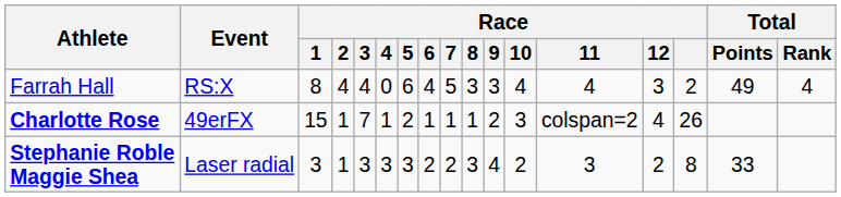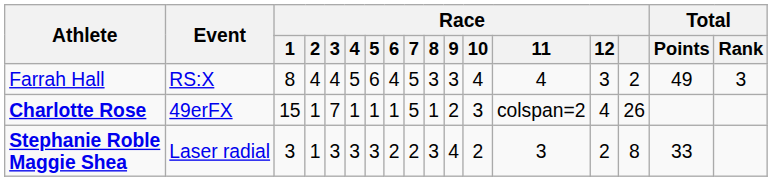 <table class=wikitable style=font-size:90%;text-align:center>
 <tr>
 <th rowspan=2>Athlete</th>
 <th rowspan=2>Event</th>
 <th colspan=13>Race</th>
 <th colspan=2>Total</th>
 </tr>
 <tr style=font-size:95%>
 <th>1</th>
 <th>2</th>
 <th>3</th>
 <th>4</th>
 <th>5</th>
 <th>6</th>
 <th>7</th>
 <th>8</th>
 <th>9</th>
 <th>10</th>
 <th>11</th>
 <th>12</th>
 <th></th>
 <th>Points</th>
 <th>Rank</th>
 </tr>
 <tr>
 <td align=left><a href='#'>Farrah Hall</a></td>
 <td align=left><a href='#'>RS:X</a></td>
 <td>8<br></td>
 <td>4</td>
 <td>4</td>
-<td>0</td>
+<td>5</td>
 <td>6</td>
 <td>4</td>
 <td>5</td>
 <td>3</td>
 <td>3</td>
 <td>4</td>
 <td>4</td>
 <td>3</td>
 <td>2</td>
 <td>49</td>
-<td>4</td>
+<td>3</td>
 </tr>
 <tr>
 <td align=left><strong><a href='#'>Charlotte Rose</a></strong></td>
 <td align=left><a href='#'>49erFX</a></td>
 <td>15</td>
 <td>1</td>
 <td>7</td>
 <td>1</td>
-<td>2</td>
 <td>1</td>
 <td>1</td>
+<td>5</td>
 <td>1</td>
 <td>2</td>
 <td>3</td>
 <td>colspan=2 </td>
 <td>4</td>
 <td>26</td>
 <td></td>
 </tr>
 <tr>
 <td align=left><strong><a href='#'>Stephanie Roble</a><br><a href='#'>Maggie Shea</a></strong></td>
 <td align=left><a href='#'>Laser radial</a></td>
 <td>3</td>
 <td>1</td>
 <td>3</td>
 <td>3</td>
 <td>3</td>
 <td>2</td>
 <td>2</td>
 <td>3</td>
 <td>4</td>
 <td>2</td>
 <td>3</td>
 <td>2</td>
 <td>8</td>
 <td>33</td>
 <td></td>
 </tr>
 </table>
